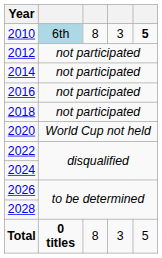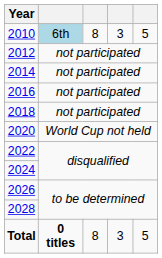 <table class="wikitable" style="text-align: center;">
 <tr>
 <th>Year</th>
 <th width="50"></th>
 <th width=25></th>
 <th width=25></th>
 <th width=25></th>
 </tr>
 <tr>
 <td> <a href='#'>2010</a></td>
 <td style="background: lightblue;">6th</td>
 <td>8</td>
 <td>3</td>
-<td><strong>5</strong></td>
+<td>5</td>
 </tr>
 <tr>
 <td> <a href='#'>2012</a></td>
 <td colspan=4><em>not participated</em></td>
 </tr>
 <tr>
 <td> <a href='#'>2014</a></td>
 <td colspan=4><em>not participated</em></td>
 </tr>
 <tr>
 <td> <a href='#'>2016</a></td>
 <td colspan=4><em>not participated</em></td>
 </tr>
 <tr>
 <td> <a href='#'>2018</a></td>
 <td colspan=4><em>not participated</em></td>
 </tr>
 <tr>
 <td> <a href='#'>2020</a></td>
 <td colspan=4><em>World Cup not held</em></td>
 </tr>
 <tr>
 <td> <a href='#'>2022</a></td>
 <td rowspan=2 colspan=4><em>disqualified</em></td>
 </tr>
 <tr>
 <td> <a href='#'>2024</a></td>
 </tr>
 <tr>
 <td> <a href='#'>2026</a></td>
 <td rowspan=2 colspan=4><em>to be determined</em></td>
 </tr>
 <tr>
 <td> <a href='#'>2028</a></td>
 </tr>
 <tr>
 <td><strong>Total</strong></td>
 <td><strong>0 titles</strong></td>
 <td>8</td>
 <td>3</td>
 <td>5</td>
 </tr>
 </table>
